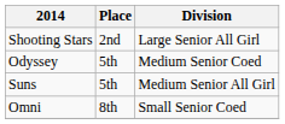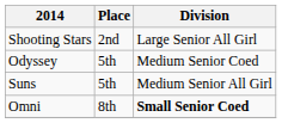 <table class="wikitable">
 <tr>
 <th>2014</th>
 <th>Place</th>
 <th>Division</th>
 </tr>
 <tr>
 <td>Shooting Stars</td>
 <td>2nd</td>
 <td>Large Senior All Girl</td>
 </tr>
 <tr>
 <td>Odyssey</td>
 <td>5th</td>
 <td>Medium Senior Coed</td>
 </tr>
 <tr>
 <td>Suns</td>
 <td>5th</td>
 <td>Medium Senior All Girl</td>
 </tr>
 <tr>
 <td>Omni</td>
 <td>8th</td>
-<td>Small Senior Coed</td>
+<td><strong>Small Senior Coed</strong></td>
 </tr>
 <tr>
 </tr>
 </table>
